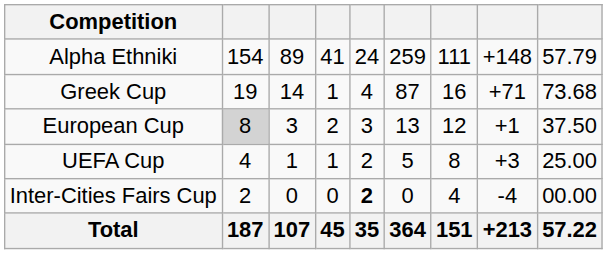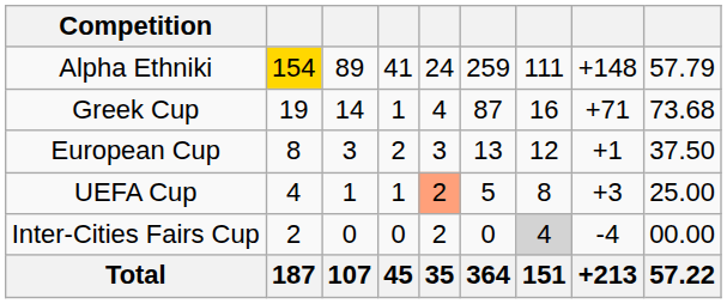 <table class="wikitable" style="text-align:center">
 <tr>
 <th>Competition</th>
 <th></th>
 <th></th>
 <th></th>
 <th></th>
 <th></th>
 <th></th>
 <th></th>
 <th></th>
 </tr>
 <tr>
 <td>Alpha Ethniki</td>
-<td>154</td>
+<td style="background: gold;">154</td>
 <td>89</td>
 <td>41</td>
 <td>24</td>
 <td>259</td>
 <td>111</td>
 <td>+148</td>
 <td>57.79</td>
 </tr>
 <tr>
 <td>Greek Cup</td>
 <td>19</td>
 <td>14</td>
 <td>1</td>
 <td>4</td>
 <td>87</td>
 <td>16</td>
 <td>+71</td>
 <td>73.68</td>
 </tr>
 <tr>
 <td>European Cup</td>
-<td style="background: lightgrey;">8</td>
+<td>8</td>
 <td>3</td>
 <td>2</td>
 <td>3</td>
 <td>13</td>
 <td>12</td>
 <td>+1</td>
 <td>37.50</td>
 </tr>
 <tr>
 <td>UEFA Cup</td>
 <td>4</td>
 <td>1</td>
 <td>1</td>
-<td>2</td>
+<td style="background: lightsalmon;">2</td>
 <td>5</td>
 <td>8</td>
 <td>+3</td>
 <td>25.00</td>
 </tr>
 <tr>
 <td>Inter-Cities Fairs Cup</td>
 <td>2</td>
 <td>0</td>
 <td>0</td>
-<td><strong>2</strong></td>
+<td>2</td>
 <td>0</td>
-<td>4</td>
+<td style="background: lightgrey;">4</td>
 <td>-4</td>
 <td>00.00</td>
 </tr>
 <tr>
 <th>Total</th>
 <th>187</th>
 <th>107</th>
 <th>45</th>
 <th>35</th>
 <th>364</th>
 <th>151</th>
 <th>+213</th>
 <th>57.22</th>
 </tr>
 </table>
